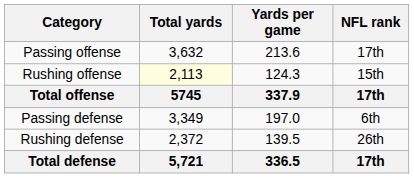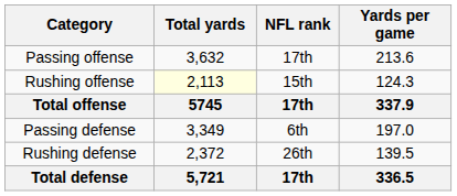 <table class="wikitable" style="text-align:center">
 <tr>
 <th width="150">Category</th>
 <th width="100">Total yards</th>
+<th width="80">NFL rank<br></th>
 <th width="110">Yards per game</th>
-<th width="80">NFL rank<br></th>
 </tr>
 <tr>
 <td>Passing offense</td>
 <td>3,632</td>
+<td>17th</td>
 <td>213.6</td>
-<td>17th</td>
 </tr>
 <tr>
 <td>Rushing offense</td>
 <td style="background: lightyellow;">2,113</td>
+<td>15th</td>
 <td>124.3</td>
-<td>15th</td>
 </tr>
 <tr>
 <th>Total offense</th>
 <th>5745</th>
+<th>17th</th>
 <th>337.9</th>
-<th>17th</th>
 </tr>
 <tr>
 <td>Passing defense</td>
 <td>3,349</td>
+<td>6th</td>
 <td>197.0</td>
-<td>6th</td>
 </tr>
 <tr>
 <td>Rushing defense</td>
 <td>2,372</td>
+<td>26th</td>
 <td>139.5</td>
-<td>26th</td>
 </tr>
 <tr>
 <th>Total defense</th>
 <th>5,721</th>
+<th>17th</th>
 <th>336.5</th>
-<th>17th</th>
 </tr>
 </table>
